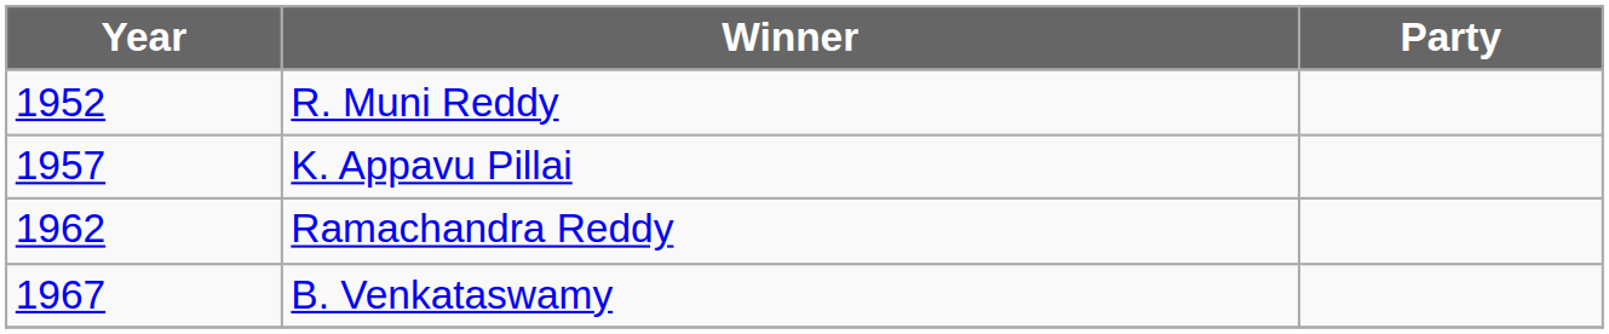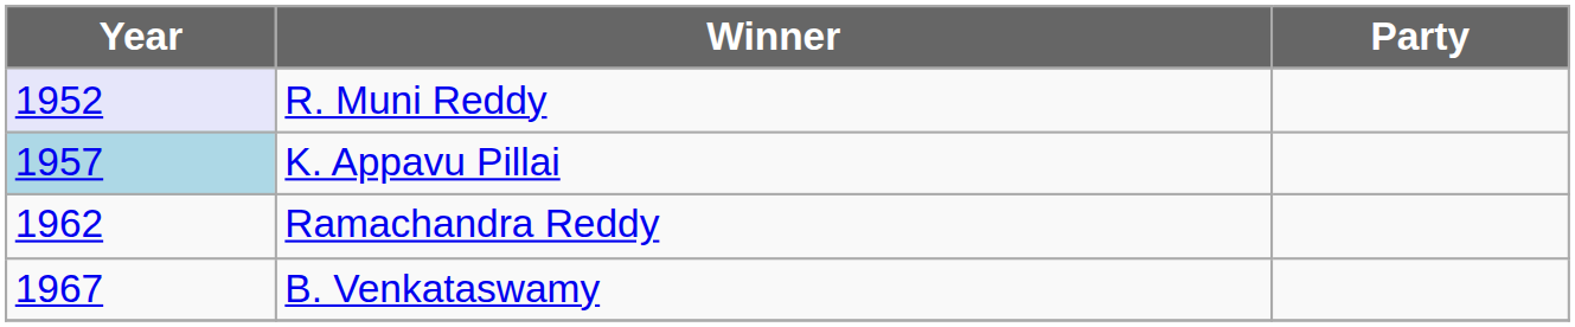 <table class="wikitable" width="50%">
 <tr>
 <th style="background-color:#666666; color:white">Year</th>
 <th style="background-color:#666666; color:white">Winner</th>
 <th style="background-color:#666666; color:white" colspan="2">Party</th>
 </tr>
 <tr>
-<td><a href='#'>1952</a></td>
+<td style="background: lavender;"><a href='#'>1952</a></td>
 <td><a href='#'>R. Muni Reddy</a></td>
 <td></td>
 </tr>
 <tr>
-<td><a href='#'>1957</a></td>
+<td style="background: lightblue;"><a href='#'>1957</a></td>
 <td><a href='#'>K. Appavu Pillai</a></td>
 <td></td>
 </tr>
 <tr>
 <td><a href='#'>1962</a></td>
 <td><a href='#'>Ramachandra Reddy</a></td>
 <td></td>
 </tr>
 <tr>
 <td><a href='#'>1967</a></td>
 <td><a href='#'>B. Venkataswamy</a></td>
 <td></td>
 </tr>
 <tr>
 </tr>
 </table>
